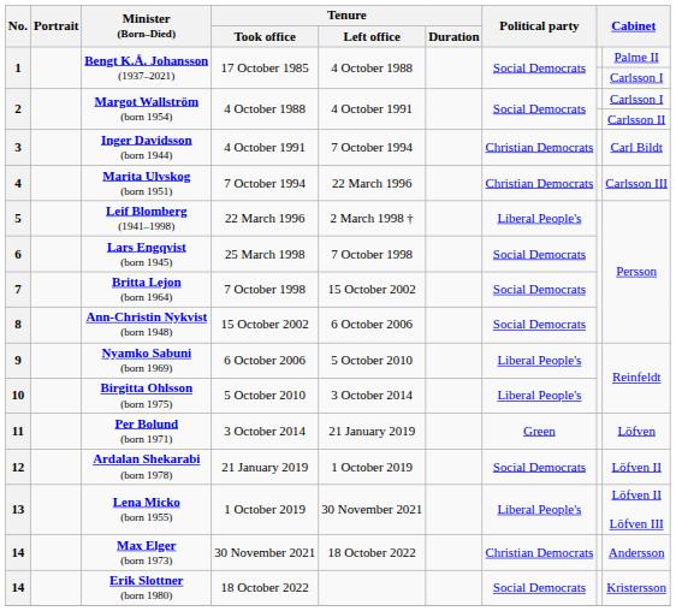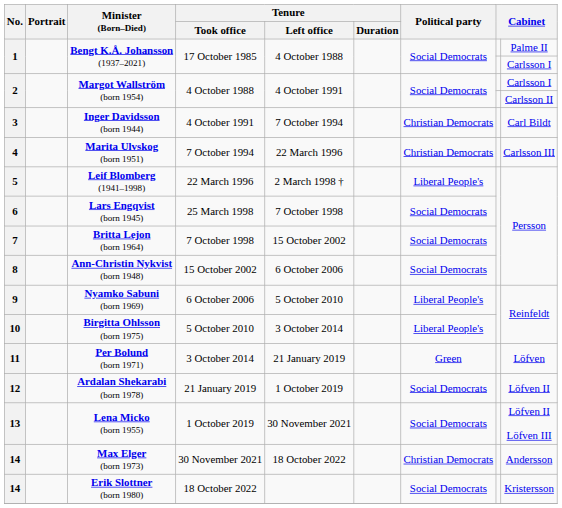 <table class="wikitable" style="text-align: center;">
 <tr>
 <th rowspan="2">No.</th>
 <th rowspan="2">Portrait</th>
 <th rowspan="2">Minister<br><small>(Born–Died)</small></th>
 <th colspan="3">Tenure</th>
 <th rowspan="2">Political party</th>
 <th rowspan="2" colspan="2"><a href='#'>Cabinet</a></th>
 </tr>
 <tr>
 <th>Took office</th>
 <th>Left office</th>
 <th>Duration</th>
 </tr>
 <tr>
 <th rowspan="2" style="background: ">1</th>
 <td rowspan="2"></td>
 <td rowspan="2"><strong><a href='#'>Bengt K.Å. Johansson</a></strong><br><small>(1937–2021)</small></td>
 <td rowspan="2">17 October 1985</td>
 <td rowspan="2">4 October 1988</td>
 <td rowspan="2"></td>
 <td rowspan="2"><a href='#'>Social Democrats</a></td>
 <td style="background: "></td>
 <td><a href='#'>Palme II</a><br></td>
 </tr>
 <tr>
 <td style="background: "></td>
 <td><a href='#'>Carlsson I</a><br></td>
 </tr>
 <tr>
 <th rowspan="2" style="background: ">2</th>
 <td rowspan="2"></td>
 <td rowspan="2"><strong><a href='#'>Margot Wallström</a></strong><br><small>(born 1954)</small></td>
 <td rowspan="2">4 October 1988</td>
 <td rowspan="2">4 October 1991</td>
 <td rowspan="2"></td>
 <td rowspan="2"><a href='#'>Social Democrats</a></td>
 <td style="background: "></td>
 <td><a href='#'>Carlsson I</a><br></td>
 </tr>
 <tr>
 <td style="background: "></td>
 <td><a href='#'>Carlsson II</a><br></td>
 </tr>
 <tr>
 <th style="background: ">3</th>
 <td></td>
 <td><strong><a href='#'>Inger Davidsson</a></strong><br><small>(born 1944)</small></td>
 <td>4 October 1991</td>
 <td>7 October 1994</td>
 <td></td>
 <td><a href='#'>Christian Democrats</a></td>
 <td style="background: "></td>
 <td><a href='#'>Carl Bildt</a><br></td>
 </tr>
 <tr>
 <th style="background: ">4</th>
 <td></td>
 <td><strong><a href='#'>Marita Ulvskog</a></strong><br><small>(born 1951)</small></td>
 <td>7 October 1994</td>
 <td>22 March 1996</td>
 <td></td>
 <td><a href='#'>Christian Democrats</a></td>
 <td style="background: "></td>
 <td><a href='#'>Carlsson III</a><br></td>
 </tr>
 <tr>
 <th style="background: ">5</th>
 <td></td>
 <td><strong><a href='#'>Leif Blomberg</a></strong><br><small>(1941–1998)</small></td>
 <td>22 March 1996</td>
 <td>2 March 1998 †</td>
 <td></td>
 <td><a href='#'>Liberal People's</a></td>
 <td rowspan="4" style="background: "></td>
 <td rowspan="4"><a href='#'>Persson</a><br></td>
 </tr>
 <tr>
 <th style="background: ">6</th>
 <td></td>
 <td><strong><a href='#'>Lars Engqvist</a></strong><br><small>(born 1945)</small></td>
 <td>25 March 1998</td>
 <td>7 October 1998</td>
 <td></td>
 <td><a href='#'>Social Democrats</a></td>
 </tr>
 <tr>
 <th style="background: ">7</th>
 <td></td>
 <td><strong><a href='#'>Britta Lejon</a></strong><br><small>(born 1964)</small></td>
 <td>7 October 1998</td>
 <td>15 October 2002</td>
 <td></td>
 <td><a href='#'>Social Democrats</a></td>
 </tr>
 <tr>
 <th style="background: ">8</th>
 <td></td>
 <td><strong><a href='#'>Ann-Christin Nykvist</a></strong><br><small>(born 1948)</small></td>
 <td>15 October 2002</td>
 <td>6 October 2006</td>
 <td></td>
 <td><a href='#'>Social Democrats</a></td>
 </tr>
 <tr>
 <th style="background: ">9</th>
 <td></td>
 <td><strong><a href='#'>Nyamko Sabuni</a></strong><br><small>(born 1969)</small></td>
 <td>6 October 2006</td>
 <td>5 October 2010</td>
 <td></td>
 <td><a href='#'>Liberal People's</a></td>
 <td rowspan="2" style="background: "></td>
 <td rowspan="2"><a href='#'>Reinfeldt</a><br></td>
 </tr>
 <tr>
 <th style="background: ">10</th>
 <td></td>
 <td><strong><a href='#'>Birgitta Ohlsson</a></strong><br><small>(born 1975)</small></td>
 <td>5 October 2010</td>
 <td>3 October 2014</td>
 <td></td>
 <td><a href='#'>Liberal People's</a></td>
 </tr>
 <tr>
 <th style="background: ">11</th>
 <td></td>
 <td><strong><a href='#'>Per Bolund</a></strong><br><small>(born 1971)</small></td>
 <td>3 October 2014</td>
 <td>21 January 2019</td>
 <td></td>
 <td><a href='#'>Green</a></td>
 <td style="background: "></td>
 <td><a href='#'>Löfven</a><br></td>
 </tr>
 <tr>
 <th style="background: ">12</th>
 <td></td>
 <td><strong><a href='#'>Ardalan Shekarabi</a></strong><br><small>(born 1978)</small></td>
 <td>21 January 2019</td>
 <td>1 October 2019</td>
 <td></td>
 <td><a href='#'>Social Democrats</a></td>
 <td style="background: "></td>
 <td><a href='#'>Löfven II</a><br></td>
 </tr>
 <tr>
 <th style="background: ">13</th>
 <td></td>
 <td><strong><a href='#'>Lena Micko</a></strong><br><small>(born 1955)</small></td>
 <td>1 October 2019</td>
 <td>30 November 2021</td>
 <td></td>
-<td><a href='#'>Liberal People's</a></td>
+<td><a href='#'>Social Democrats</a></td>
 <td style="background: "></td>
 <td><a href='#'>Löfven II</a><br> <br> <a href='#'>Löfven III</a><br></td>
 </tr>
 <tr>
 <th style="background: ">14</th>
 <td></td>
 <td><strong><a href='#'>Max Elger</a></strong><br><small>(born 1973)</small></td>
 <td>30 November 2021</td>
 <td>18 October 2022</td>
 <td></td>
 <td><a href='#'>Christian Democrats</a></td>
 <td style="background: "></td>
 <td><a href='#'>Andersson</a><br></td>
 </tr>
 <tr>
 <th style="background: ">14</th>
 <td></td>
 <td><strong><a href='#'>Erik Slottner</a></strong><br><small>(born 1980)</small></td>
 <td>18 October 2022</td>
 <td></td>
 <td></td>
 <td><a href='#'>Social Democrats</a></td>
 <td style="background: "></td>
 <td><a href='#'>Kristersson</a><br></td>
 </tr>
 <tr>
 </tr>
 </table>
